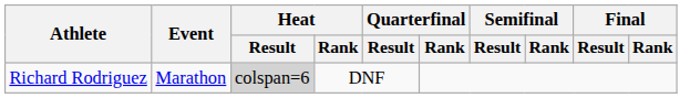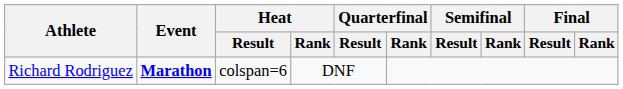 <table class="wikitable" style="font-size:90%">
 <tr>
 <th rowspan="2">Athlete</th>
 <th rowspan="2">Event</th>
 <th colspan="2">Heat</th>
 <th colspan="2">Quarterfinal</th>
 <th colspan="2">Semifinal</th>
 <th colspan="2">Final</th>
 </tr>
 <tr style="font-size:95%">
 <th>Result</th>
 <th>Rank</th>
 <th>Result</th>
 <th>Rank</th>
 <th>Result</th>
 <th>Rank</th>
 <th>Result</th>
 <th>Rank</th>
 </tr>
 <tr align=center>
 <td align=left><a href='#'>Richard Rodriguez</a></td>
-<td align=left><a href='#'>Marathon</a></td>
-<td style="background: lightgrey;">colspan=6 </td>
+<td align=left><strong><a href='#'>Marathon</a></strong></td>
+<td>colspan=6 </td>
 <td colspan=2>DNF</td>
 </tr>
 </table>
